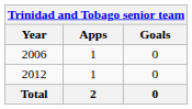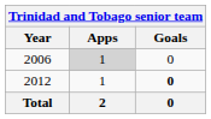 <table class="wikitable" style="text-align:center">
 <tr>
 <th colspan=4><a href='#'>Trinidad and Tobago senior team</a></th>
 </tr>
 <tr>
 <th>Year</th>
 <th>Apps</th>
 <th>Goals</th>
 </tr>
 <tr>
 <td>2006</td>
-<td>1</td>
+<td style="background: lightgrey;">1</td>
 <td>0</td>
 </tr>
 <tr>
 <td>2012</td>
 <td>1</td>
-<td>0</td>
+<td><strong>0</strong></td>
 </tr>
 <tr>
 <th>Total</th>
 <th>2</th>
 <th>0</th>
 </tr>
 </table>
